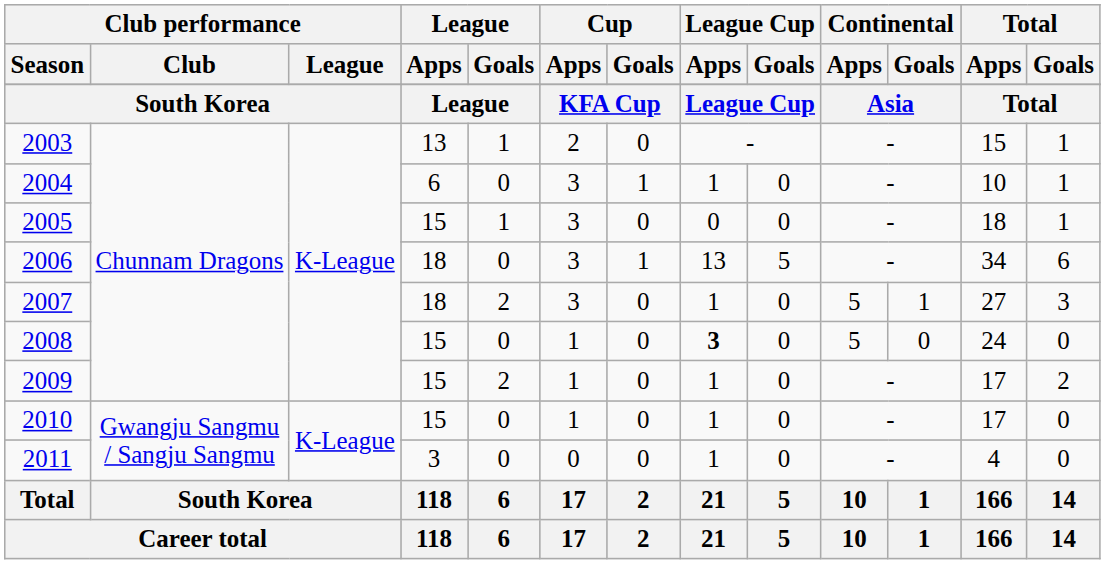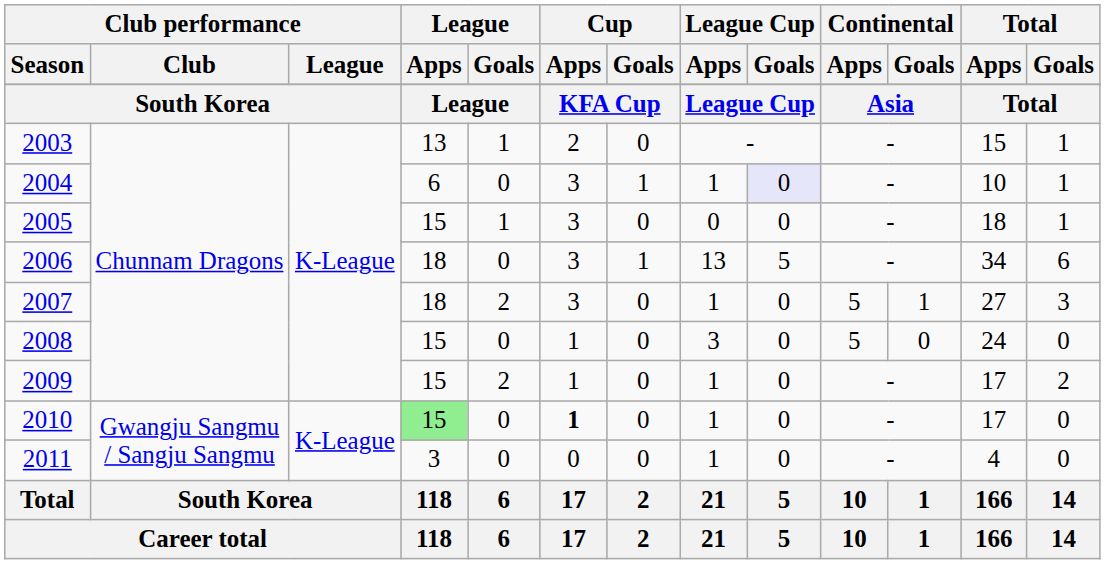 <table class="wikitable" style="text-align:center">
 <tr>
 <th colspan=3>Club performance</th>
 <th colspan=2>League</th>
 <th colspan=2>Cup</th>
 <th colspan=2>League Cup</th>
 <th colspan=2>Continental</th>
 <th colspan=2>Total</th>
 </tr>
 <tr>
 <th>Season</th>
 <th>Club</th>
 <th>League</th>
 <th>Apps</th>
 <th>Goals</th>
 <th>Apps</th>
 <th>Goals</th>
 <th>Apps</th>
 <th>Goals</th>
 <th>Apps</th>
 <th>Goals</th>
 <th>Apps</th>
 <th>Goals</th>
 </tr>
 <tr>
 </tr>
 <tr>
 <th colspan=3>South Korea</th>
 <th colspan=2>League</th>
 <th colspan=2><a href='#'>KFA Cup</a></th>
 <th colspan=2><a href='#'>League Cup</a></th>
 <th colspan=2><a href='#'>Asia</a></th>
 <th colspan=2>Total</th>
 </tr>
 <tr>
 <td><a href='#'>2003</a></td>
 <td rowspan="7"><a href='#'>Chunnam Dragons</a></td>
 <td rowspan="7"><a href='#'>K-League</a></td>
 <td>13</td>
 <td>1</td>
 <td>2</td>
 <td>0</td>
 <td colspan="2">-</td>
 <td colspan="2">-</td>
 <td>15</td>
 <td>1</td>
 </tr>
 <tr>
 <td><a href='#'>2004</a></td>
 <td>6</td>
 <td>0</td>
 <td>3</td>
 <td>1</td>
 <td>1</td>
-<td>0</td>
+<td style="background: lavender;">0</td>
 <td colspan="2">-</td>
 <td>10</td>
 <td>1</td>
 </tr>
 <tr>
 <td><a href='#'>2005</a></td>
 <td>15</td>
 <td>1</td>
 <td>3</td>
 <td>0</td>
 <td>0</td>
 <td>0</td>
 <td colspan="2">-</td>
 <td>18</td>
 <td>1</td>
 </tr>
 <tr>
 <td><a href='#'>2006</a></td>
 <td>18</td>
 <td>0</td>
 <td>3</td>
 <td>1</td>
 <td>13</td>
 <td>5</td>
 <td colspan="2">-</td>
 <td>34</td>
 <td>6</td>
 </tr>
 <tr>
 <td><a href='#'>2007</a></td>
 <td>18</td>
 <td>2</td>
 <td>3</td>
 <td>0</td>
 <td>1</td>
 <td>0</td>
 <td>5</td>
 <td>1</td>
 <td>27</td>
 <td>3</td>
 </tr>
 <tr>
 <td><a href='#'>2008</a></td>
 <td>15</td>
 <td>0</td>
 <td>1</td>
 <td>0</td>
-<td><strong>3</strong></td>
+<td>3</td>
 <td>0</td>
 <td>5</td>
 <td>0</td>
 <td>24</td>
 <td>0</td>
 </tr>
 <tr>
 <td><a href='#'>2009</a></td>
 <td>15</td>
 <td>2</td>
 <td>1</td>
 <td>0</td>
 <td>1</td>
 <td>0</td>
 <td colspan=2>-</td>
 <td>17</td>
 <td>2</td>
 </tr>
 <tr>
 <td><a href='#'>2010</a></td>
 <td rowspan="2"><a href='#'>Gwangju Sangmu <br>/ Sangju Sangmu</a></td>
 <td rowspan="2"><a href='#'>K-League</a></td>
-<td>15</td>
+<td style="background: lightgreen;">15</td>
 <td>0</td>
-<td>1</td>
+<td><strong>1</strong></td>
 <td>0</td>
 <td>1</td>
 <td>0</td>
 <td colspan="2">-</td>
 <td>17</td>
 <td>0</td>
 </tr>
 <tr>
 <td><a href='#'>2011</a></td>
 <td>3</td>
 <td>0</td>
 <td>0</td>
 <td>0</td>
 <td>1</td>
 <td>0</td>
 <td colspan="2">-</td>
 <td>4</td>
 <td>0</td>
 </tr>
 <tr>
 <th rowspan=1>Total</th>
 <th colspan=2>South Korea</th>
 <th>118</th>
 <th>6</th>
 <th>17</th>
 <th>2</th>
 <th>21</th>
 <th>5</th>
 <th>10</th>
 <th>1</th>
 <th>166</th>
 <th>14</th>
 </tr>
 <tr>
 <th colspan=3>Career total</th>
 <th>118</th>
 <th>6</th>
 <th>17</th>
 <th>2</th>
 <th>21</th>
 <th>5</th>
 <th>10</th>
 <th>1</th>
 <th>166</th>
 <th>14</th>
 </tr>
 </table>
